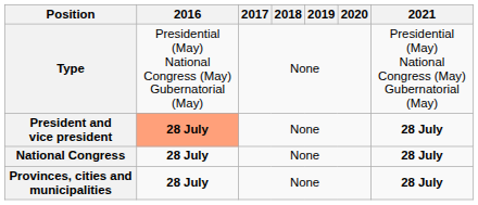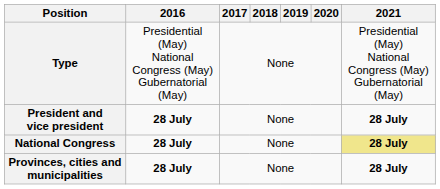 <table class=wikitable style="text-align:center;">
 <tr>
 <th>Position</th>
 <th>2016</th>
 <th>2017</th>
 <th>2018</th>
 <th>2019</th>
 <th>2020</th>
 <th>2021</th>
 </tr>
 <tr>
 <th>Type</th>
 <td>Presidential (May)<br>National Congress (May)<br>Gubernatorial (May)</td>
 <td colspan=4>None</td>
 <td>Presidential (May)<br>National Congress (May)<br>Gubernatorial (May)</td>
 </tr>
 <tr>
 <th>President and<br>vice president</th>
-<td style="background: lightsalmon;"><strong>28 July</strong></td>
+<td><strong>28 July</strong></td>
 <td colspan=4>None</td>
 <td><strong>28 July</strong></td>
 </tr>
 <tr>
 <th>National Congress</th>
 <td><strong>28 July</strong></td>
 <td colspan=4>None</td>
-<td><strong>28 July</strong></td>
+<td style="background: khaki;"><strong>28 July</strong></td>
 </tr>
 <tr>
 <th>Provinces, cities and municipalities</th>
 <td><strong>28 July</strong></td>
 <td colspan=4>None</td>
 <td><strong>28 July</strong></td>
 </tr>
 </table>
